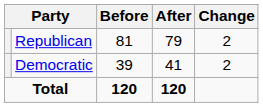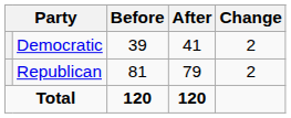 <table class="wikitable" style="text-align:center;">
 <tr>
 </tr>
 <tr>
 <th colspan=2>Party</th>
 <th>Before</th>
 <th>After</th>
 <th>Change</th>
 </tr>
 <tr>
 <th style="background-color:"></th>
-<td style="text-align:left;"><a href='#'>Republican</a></td>
-<td>81</td>
-<td>79</td>
+<td style="text-align:left;"><a href='#'>Democratic</a></td>
+<td>39</td>
+<td>41</td>
 <td> 2</td>
 </tr>
 <tr>
 <th style="background-color:"></th>
-<td style="text-align:left;"><a href='#'>Democratic</a></td>
-<td>39</td>
-<td>41</td>
+<td style="text-align:left;"><a href='#'>Republican</a></td>
+<td>81</td>
+<td>79</td>
 <td> 2</td>
 </tr>
 <tr>
 <td colspan=2><strong>Total</strong></td>
 <td><strong>120</strong></td>
 <td><strong>120</strong></td>
 <td></td>
 </tr>
 </table>
